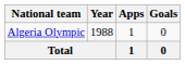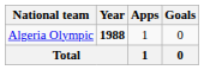 <table class="wikitable" style="text-align:center">
 <tr>
 <th>National team</th>
 <th>Year</th>
 <th>Apps</th>
 <th>Goals</th>
 </tr>
 <tr>
 <td><a href='#'>Algeria Olympic</a></td>
-<td>1988</td>
+<td><strong>1988</strong></td>
 <td>1</td>
 <td>0</td>
 </tr>
 <tr>
 <th colspan="2">Total</th>
 <th>1</th>
 <th>0</th>
 </tr>
 </table>
